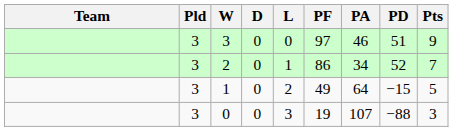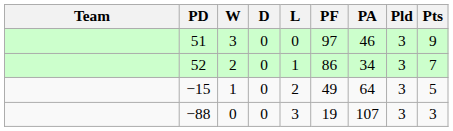 <table class="wikitable" style="text-align:center;">
 <tr>
 <th width=175>Team</th>
-<th width=25 abbr="Played">Pld</th>
+<th width=32 abbr="Points difference">PD</th>
 <th width=25 abbr="Won">W</th>
 <th width=25 abbr="Drawn">D</th>
 <th width=25 abbr="Lost">L</th>
 <th width=32 abbr="Points for">PF</th>
 <th width=32 abbr="Points against">PA</th>
-<th width=32 abbr="Points difference">PD</th>
+<th width=25 abbr="Played">Pld</th>
 <th width=25 abbr="Points">Pts</th>
 </tr>
 <tr bgcolor="#ccffcc">
 <td align=left></td>
-<td>3</td>
+<td>51</td>
 <td>3</td>
 <td>0</td>
 <td>0</td>
 <td>97</td>
 <td>46</td>
-<td>51</td>
+<td>3</td>
 <td>9</td>
 </tr>
 <tr bgcolor="#ccffcc">
 <td align=left></td>
-<td>3</td>
+<td>52</td>
 <td>2</td>
 <td>0</td>
 <td>1</td>
 <td>86</td>
 <td>34</td>
-<td>52</td>
+<td>3</td>
 <td>7</td>
 </tr>
 <tr>
 <td align=left></td>
-<td>3</td>
+<td>−15</td>
 <td>1</td>
 <td>0</td>
 <td>2</td>
 <td>49</td>
 <td>64</td>
-<td>−15</td>
+<td>3</td>
 <td>5</td>
 </tr>
 <tr>
 <td align=left></td>
-<td>3</td>
+<td>−88</td>
 <td>0</td>
 <td>0</td>
 <td>3</td>
 <td>19</td>
 <td>107</td>
-<td>−88</td>
+<td>3</td>
 <td>3</td>
 </tr>
 </table>
